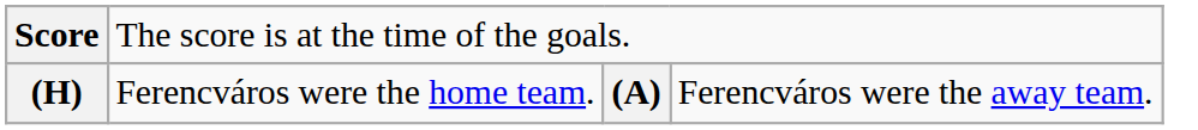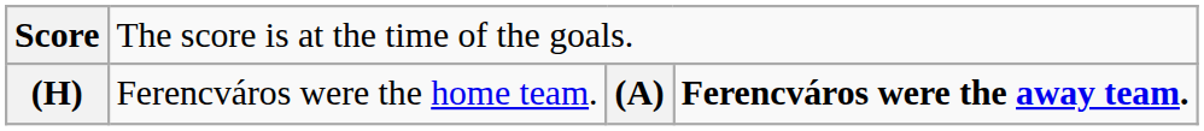 <table class="wikitable" style="font-size:85%;">
 <tr>
 <th>Score</th>
 <td colspan="3">The score is at the time of the goals.</td>
 </tr>
 <tr>
 <th>(H)</th>
 <td>Ferencváros were the <a href='#'>home team</a>.</td>
 <th>(A)</th>
-<td>Ferencváros were the <a href='#'>away team</a>.</td>
+<td><strong>Ferencváros were the <a href='#'>away team</a>.</strong></td>
 </tr>
 </table>
